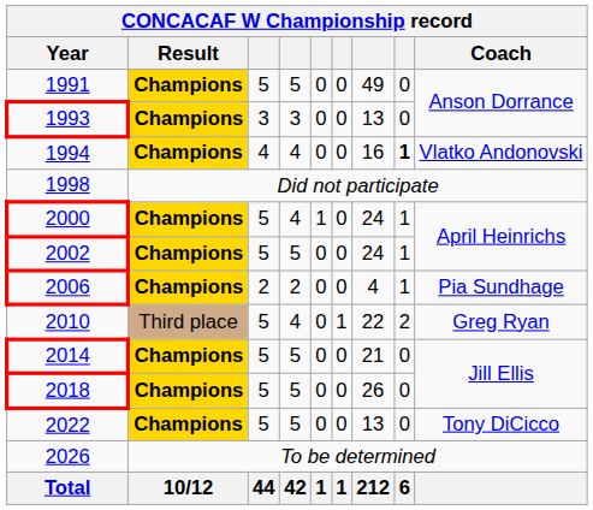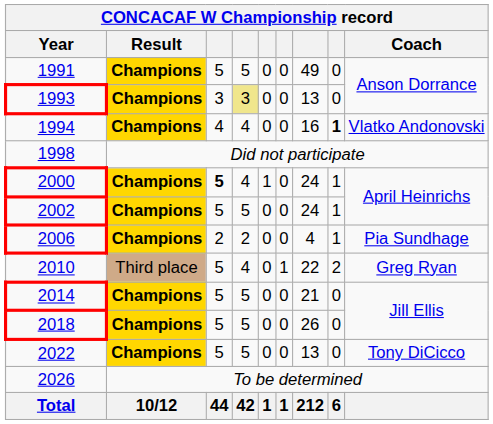 <table class="wikitable"  style="text-align:center;">
 <tr>
 <th colspan=9><a href='#'>CONCACAF W Championship</a> record</th>
 </tr>
 <tr>
 <th width=90>Year</th>
 <th>Result</th>
 <th></th>
 <th></th>
 <th></th>
 <th></th>
 <th></th>
 <th></th>
 <th>Coach</th>
 </tr>
 <tr>
 <td> <a href='#'>1991</a></td>
 <td style="background:gold;"><strong>Champions</strong></td>
 <td>5</td>
 <td>5</td>
 <td>0</td>
 <td>0</td>
 <td>49</td>
 <td>0</td>
 <td rowspan=2><a href='#'>Anson Dorrance</a></td>
 </tr>
 <tr>
 <td style="border: 3px solid red"> <a href='#'>1993</a></td>
 <td style="background:gold;"><strong>Champions</strong></td>
 <td>3</td>
-<td>3</td>
+<td style="background: khaki;">3</td>
 <td>0</td>
 <td>0</td>
 <td>13</td>
 <td>0</td>
 </tr>
 <tr>
 <td> <a href='#'>1994</a></td>
 <td style="background:gold;"><strong>Champions</strong></td>
 <td>4</td>
 <td>4</td>
 <td>0</td>
 <td>0</td>
 <td>16</td>
 <td><strong>1</strong></td>
 <td><a href='#'>Vlatko Andonovski</a></td>
 </tr>
 <tr>
 <td> <a href='#'>1998</a></td>
 <td colspan=8><em>Did not participate</em></td>
 </tr>
 <tr>
 <td style="border: 3px solid red"> <a href='#'>2000</a></td>
 <td style="background:gold;"><strong>Champions</strong></td>
-<td>5</td>
+<td><strong>5</strong></td>
 <td>4</td>
 <td>1</td>
 <td>0</td>
 <td>24</td>
 <td>1</td>
 <td rowspan=2><a href='#'>April Heinrichs</a></td>
 </tr>
 <tr>
 <td style="border: 3px solid red"> <a href='#'>2002</a></td>
 <td style="background:gold;"><strong>Champions</strong></td>
 <td>5</td>
 <td>5</td>
 <td>0</td>
 <td>0</td>
 <td>24</td>
 <td>1</td>
 </tr>
 <tr>
 <td style="border: 3px solid red"> <a href='#'>2006</a></td>
 <td style="background:gold;"><strong>Champions</strong></td>
 <td>2</td>
 <td>2</td>
 <td>0</td>
 <td>0</td>
 <td>4</td>
 <td>1</td>
 <td><a href='#'>Pia Sundhage</a></td>
 </tr>
 <tr>
 <td> <a href='#'>2010</a></td>
 <td style="background:#cfaa88;">Third place</td>
 <td>5</td>
 <td>4</td>
 <td>0</td>
 <td>1</td>
 <td>22</td>
 <td>2</td>
 <td><a href='#'>Greg Ryan</a></td>
 </tr>
 <tr>
 <td style="border: 3px solid red"> <a href='#'>2014</a></td>
 <td style="background:gold;"><strong>Champions</strong></td>
 <td>5</td>
 <td>5</td>
 <td>0</td>
 <td>0</td>
 <td>21</td>
 <td>0</td>
 <td rowspan=2><a href='#'>Jill Ellis</a></td>
 </tr>
 <tr>
 <td style="border: 3px solid red"> <a href='#'>2018</a></td>
 <td style="background:gold;"><strong>Champions</strong></td>
 <td>5</td>
 <td>5</td>
 <td>0</td>
 <td>0</td>
 <td>26</td>
 <td>0</td>
 </tr>
 <tr>
 <td> <a href='#'>2022</a></td>
 <td style="background:gold;"><strong>Champions</strong></td>
 <td>5</td>
 <td>5</td>
 <td>0</td>
 <td>0</td>
 <td>13</td>
 <td>0</td>
 <td><a href='#'>Tony DiCicco</a></td>
 </tr>
 <tr>
 <td> <a href='#'>2026</a></td>
 <td colspan=8><em>To be determined</em></td>
 </tr>
 <tr>
 <th><a href='#'>Total</a></th>
 <th>10/12</th>
 <th>44</th>
 <th>42</th>
 <th>1</th>
 <th>1</th>
 <th>212</th>
 <th>6</th>
 <th></th>
 </tr>
 </table>
